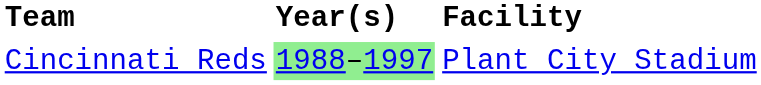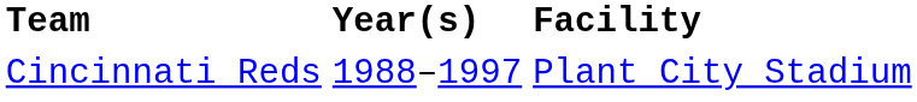 <table>
 <tr>
 <td><strong>Team</strong></td>
 <td><strong>Year(s)</strong></td>
 <td><strong>Facility</strong></td>
 </tr>
 <tr>
 <td><a href='#'>Cincinnati Reds</a></td>
-<td style="background: lightgreen;"><a href='#'>1988</a>–<a href='#'>1997</a></td>
+<td><a href='#'>1988</a>–<a href='#'>1997</a></td>
 <td><a href='#'>Plant City Stadium</a></td>
 </tr>
 <tr>
 </tr>
 </table>
